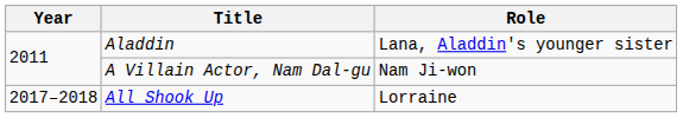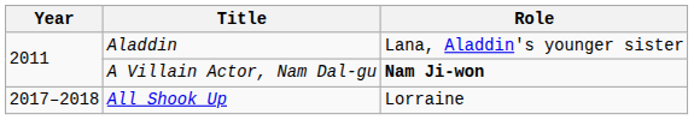 <table class="wikitable sortable">
 <tr>
 <th>Year</th>
 <th>Title</th>
 <th>Role</th>
 </tr>
 <tr>
 <td rowspan=2>2011</td>
 <td><em>Aladdin</em></td>
 <td>Lana, <a href='#'>Aladdin</a>'s younger sister</td>
 </tr>
 <tr>
 <td><em>A Villain Actor, Nam Dal-gu</em></td>
-<td>Nam Ji-won</td>
+<td><strong>Nam Ji-won</strong></td>
 </tr>
 <tr>
 <td>2017–2018</td>
 <td><em><a href='#'>All Shook Up</a></em></td>
 <td>Lorraine</td>
 </tr>
 </table>
